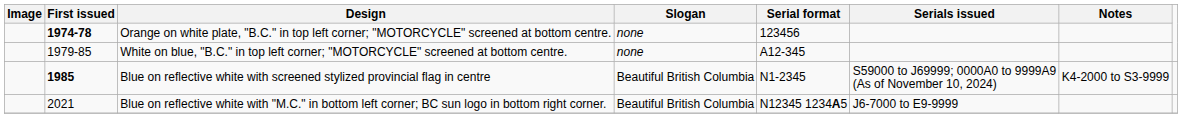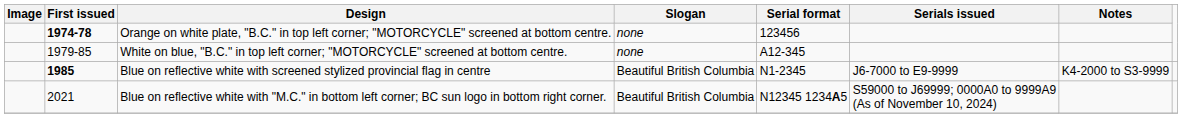 <table class="wikitable">
 <tr>
 <th>Image</th>
 <th>First issued</th>
 <th>Design</th>
 <th>Slogan</th>
 <th>Serial format</th>
 <th>Serials issued</th>
 <th>Notes</th>
 </tr>
 <tr>
 <td></td>
 <td><strong>1974-78</strong></td>
 <td>Orange on white plate, "B.C." in top left corner; "MOTORCYCLE" screened at bottom centre.</td>
 <td><em>none</em></td>
 <td>123456</td>
 <td></td>
 <td></td>
 </tr>
 <tr>
 <td></td>
 <td>1979-85</td>
 <td>White on blue, "B.C." in top left corner; "MOTORCYCLE" screened at bottom centre.</td>
 <td><em>none</em></td>
 <td>A12-345</td>
 <td></td>
 <td></td>
 </tr>
 <tr>
 <td></td>
 <td><strong>1985</strong></td>
 <td>Blue on reflective white with screened stylized provincial flag in centre</td>
 <td>Beautiful British Columbia</td>
 <td>N1-2345</td>
-<td>S59000 to J69999; 0000A0 to 9999A9<br>(As of November 10, 2024)</td>
+<td>J6-7000 to E9-9999</td>
 <td>K4-2000 to S3-9999</td>
 <td></td>
 </tr>
 <tr>
 <td></td>
 <td>2021</td>
 <td>Blue on reflective white with "M.C." in bottom left corner; BC sun logo in bottom right corner.</td>
 <td>Beautiful British Columbia</td>
 <td>N12345 1234<strong>A</strong>5</td>
-<td>J6-7000 to E9-9999</td>
+<td>S59000 to J69999; 0000A0 to 9999A9<br>(As of November 10, 2024)</td>
 <td></td>
 <td></td>
 </tr>
 <tr>
 </tr>
 </table>
